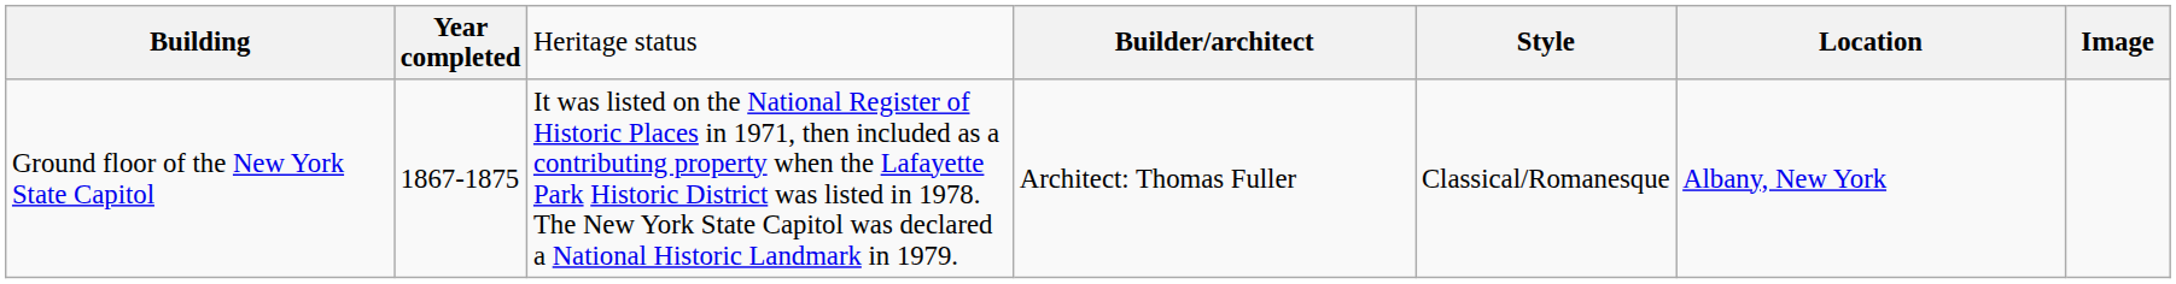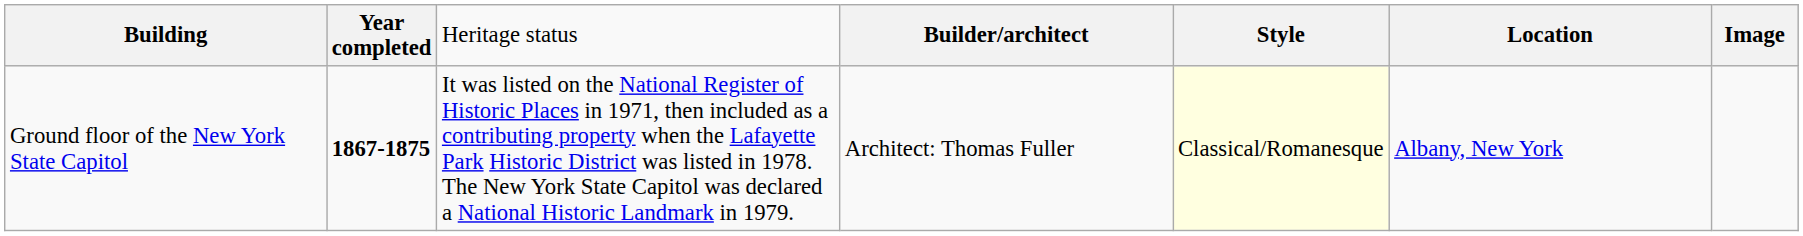 <table class="wikitable" style="margin:1em auto;">
 <tr>
 <th width=20%>Building</th>
 <th width=5%>Year completed</th>
 <td width=25%>Heritage status</td>
 <th width=20%>Builder/architect</th>
 <th width=5%>Style</th>
 <th width=20%>Location</th>
 <th width=5%>Image</th>
 </tr>
 <tr>
 <td>Ground floor of the <a href='#'>New York State Capitol</a></td>
-<td>1867-1875</td>
+<td><strong>1867-1875</strong></td>
 <td>It was listed on the <a href='#'>National Register of Historic Places</a> in 1971, then included as a <a href='#'>contributing property</a> when the <a href='#'>Lafayette Park</a> <a href='#'>Historic District</a> was listed in 1978. The New York State Capitol was declared a <a href='#'>National Historic Landmark</a> in 1979.</td>
 <td>Architect: Thomas Fuller</td>
-<td>Classical/Romanesque</td>
+<td style="background: lightyellow;">Classical/Romanesque</td>
 <td><a href='#'>Albany, New York</a></td>
 <td></td>
 </tr>
 </table>
